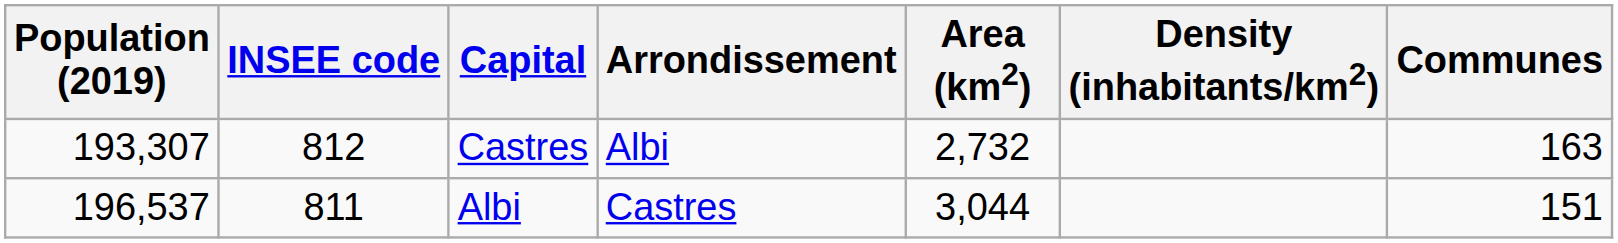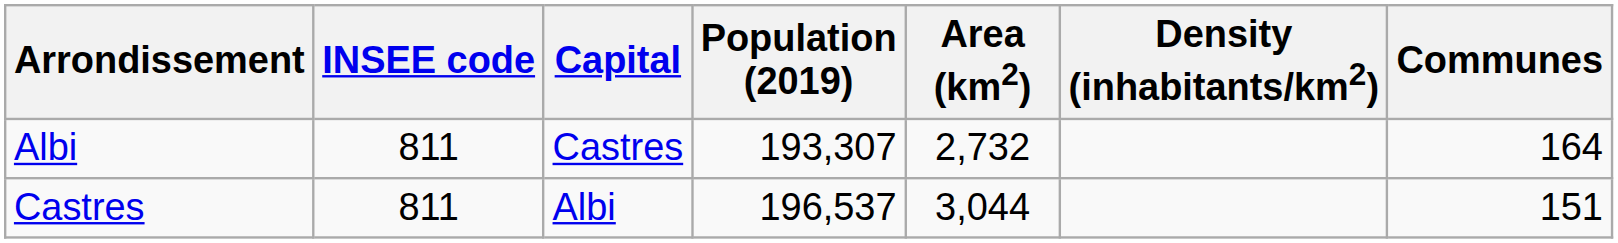 <table class="wikitable">
 <tr style="background:#efefef;">
-<th>Population<br>(2019)</th>
+<th>Arrondissement</th>
 <th><a href='#'>INSEE code</a></th>
 <th><a href='#'>Capital</a></th>
-<th>Arrondissement</th>
+<th>Population<br>(2019)</th>
 <th>Area<br>(km<sup>2</sup>)</th>
 <th>Density<br>(inhabitants/km<sup>2</sup>)</th>
 <th>Communes</th>
 </tr>
 <tr style="text-align:right;">
+<td style="text-align:left;"><a href='#'>Albi</a></td>
+<td style="text-align:center;">811</td>
+<td style="text-align:left;"><a href='#'>Castres</a></td>
 <td>193,307</td>
-<td style="text-align:center;">812</td>
-<td style="text-align:left;"><a href='#'>Castres</a></td>
-<td style="text-align:left;"><a href='#'>Albi</a></td>
 <td>  2,732  </td>
 <td></td>
-<td>163</td>
+<td>164</td>
 </tr>
 <tr style="text-align:right;">
-<td>196,537</td>
+<td style="text-align:left;"><a href='#'>Castres</a></td>
 <td style="text-align:center;">811</td>
 <td style="text-align:left;"><a href='#'>Albi</a></td>
-<td style="text-align:left;"><a href='#'>Castres</a></td>
+<td>196,537</td>
 <td>  3,044  </td>
 <td></td>
 <td>151</td>
 </tr>
 </table>
